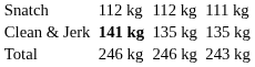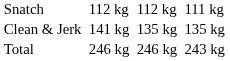 <table>
 <tr>
 <td>Snatch</td>
 <td></td>
 <td>112 kg</td>
 <td></td>
 <td>112 kg</td>
 <td></td>
 <td>111 kg</td>
 </tr>
 <tr>
 <td>Clean & Jerk</td>
 <td></td>
-<td><strong>141 kg</strong></td>
+<td>141 kg</td>
 <td></td>
 <td>135 kg</td>
 <td></td>
 <td>135 kg</td>
 </tr>
 <tr>
 <td>Total</td>
 <td></td>
 <td>246 kg</td>
 <td></td>
 <td>246 kg</td>
 <td></td>
 <td>243 kg</td>
 </tr>
 </table>
